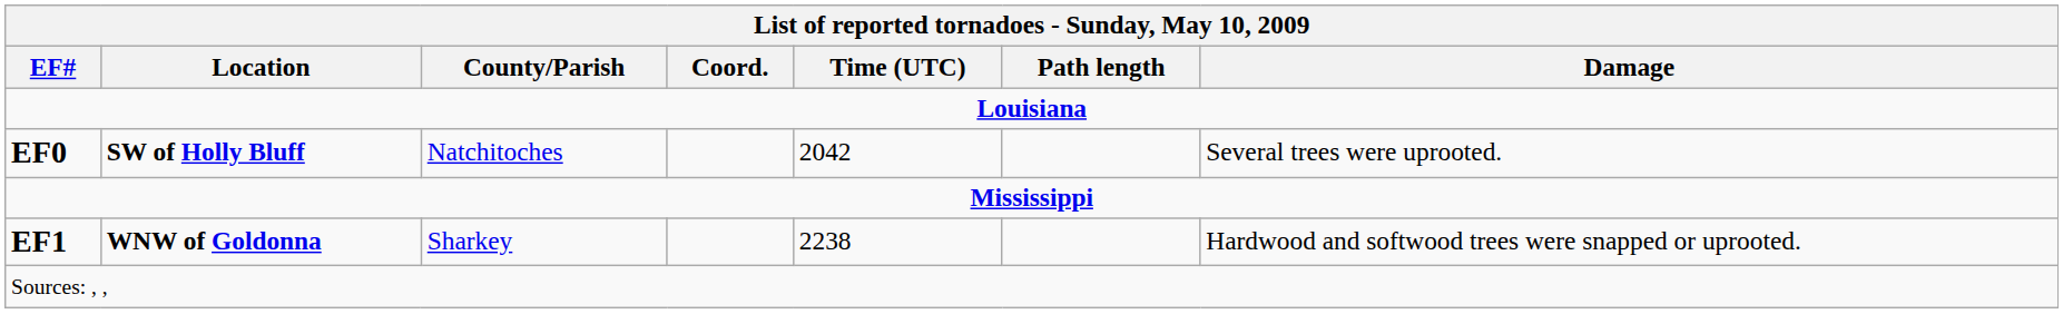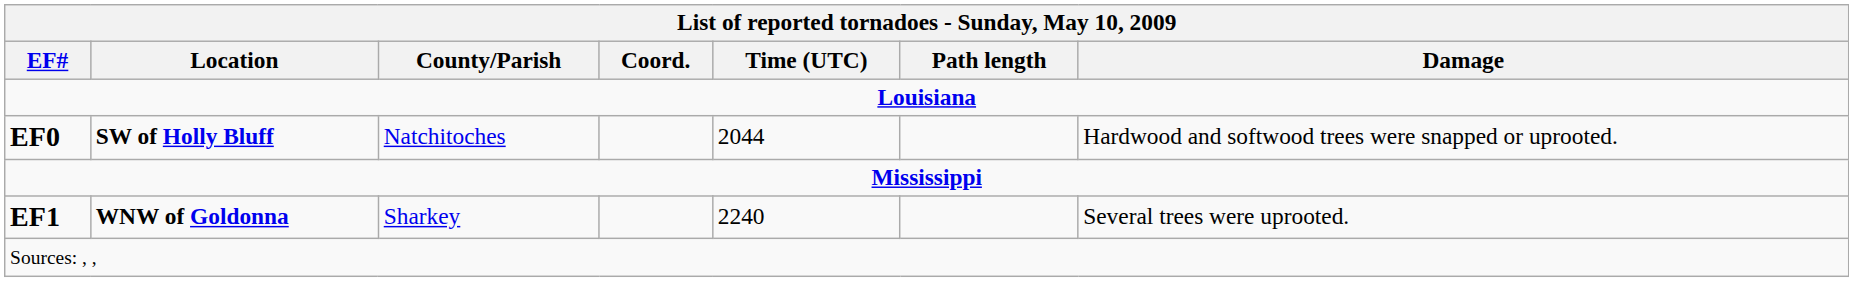 <table class="wikitable collapsible" width="100%">
 <tr>
 <th colspan="7">List of reported tornadoes - Sunday, May 10, 2009</th>
 </tr>
 <tr>
 <th><a href='#'>EF#</a></th>
 <th>Location</th>
 <th>County/Parish</th>
 <th>Coord.</th>
 <th>Time (UTC)</th>
 <th>Path length</th>
 <th>Damage</th>
 </tr>
 <tr>
 <td colspan="7" align=center><strong><a href='#'>Louisiana</a></strong></td>
 </tr>
 <tr>
 <td><big><strong>EF0</strong></big></td>
 <td><strong>SW of <a href='#'>Holly Bluff</a></strong></td>
 <td><a href='#'>Natchitoches</a></td>
 <td></td>
-<td>2042</td>
+<td>2044</td>
 <td></td>
-<td>Several trees were uprooted.</td>
+<td>Hardwood and softwood trees were snapped or uprooted.</td>
 </tr>
 <tr>
 <td colspan="7" align=center><strong><a href='#'>Mississippi</a></strong></td>
 </tr>
 <tr>
 <td><big><strong>EF1</strong></big></td>
 <td><strong>WNW of <a href='#'>Goldonna</a></strong></td>
 <td><a href='#'>Sharkey</a></td>
 <td></td>
-<td>2238</td>
+<td>2240</td>
 <td></td>
-<td>Hardwood and softwood trees were snapped or uprooted.</td>
+<td>Several trees were uprooted.</td>
 </tr>
 <tr>
 <td colspan="7"><small>Sources: , , </small></td>
 </tr>
 </table>
